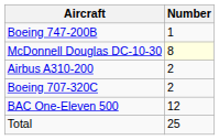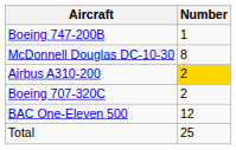 <table class="wikitable">
 <tr>
 <th>Aircraft</th>
 <th>Number</th>
 </tr>
 <tr>
 <td><a href='#'>Boeing 747-200B</a></td>
 <td>1</td>
 </tr>
 <tr>
 <td><a href='#'>McDonnell Douglas DC-10-30</a></td>
-<td style="background: lightyellow;">8</td>
+<td>8</td>
 </tr>
 <tr>
 <td><a href='#'>Airbus A310-200</a></td>
-<td>2</td>
+<td style="background: gold;">2</td>
 </tr>
 <tr>
 <td><a href='#'>Boeing 707-320C</a></td>
 <td>2</td>
 </tr>
 <tr>
 <td><a href='#'>BAC One-Eleven 500</a></td>
 <td>12</td>
 </tr>
 <tr>
 <td>Total</td>
 <td>25</td>
 </tr>
 </table>
